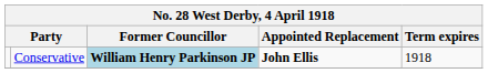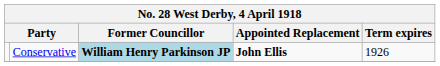 <table class="wikitable">
 <tr>
 <th colspan="5"><strong>No. 28 West Derby, 4 April 1918</strong></th>
 </tr>
 <tr>
 <th colspan="2">Party</th>
 <th>Former Councillor</th>
 <th>Appointed Replacement</th>
 <th>Term expires</th>
 </tr>
 <tr>
 <td style="background-color:"></td>
 <td><a href='#'>Conservative</a></td>
 <td style="background: lightblue;"><strong>William Henry Parkinson JP</strong></td>
 <td><strong>John Ellis</strong></td>
-<td>1918</td>
+<td>1926</td>
 </tr>
 <tr>
 </tr>
 </table>
